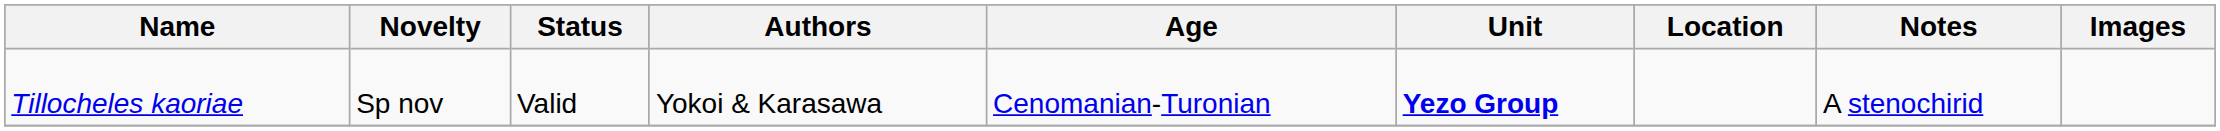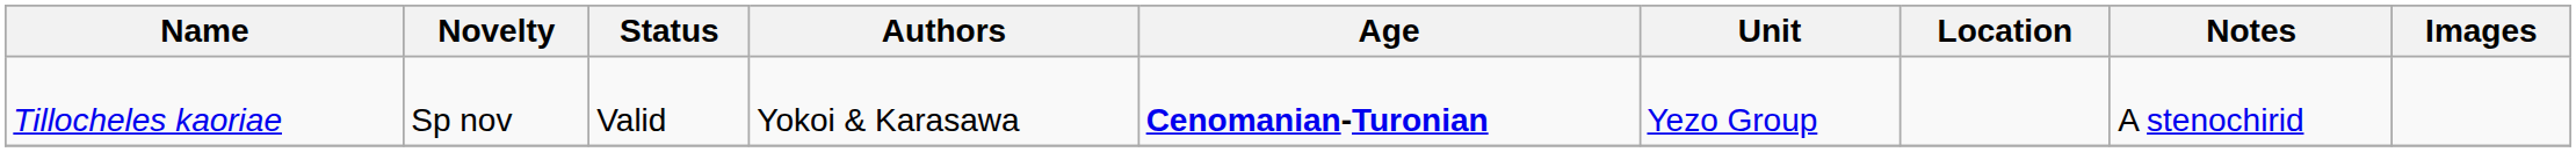 <table class="wikitable sortable" align="center" width="100%">
 <tr>
 <th>Name</th>
 <th>Novelty</th>
 <th>Status</th>
 <th>Authors</th>
 <th>Age</th>
 <th>Unit</th>
 <th>Location</th>
 <th>Notes</th>
 <th>Images</th>
 </tr>
 <tr>
 <td><br><em><a href='#'>Tillocheles kaoriae</a></em></td>
 <td><br>Sp nov</td>
 <td><br>Valid</td>
 <td><br>Yokoi & Karasawa</td>
-<td><br><a href='#'>Cenomanian</a>-<a href='#'>Turonian</a></td>
-<td><strong><br><a href='#'>Yezo Group</a></strong></td>
+<td><strong><br><a href='#'>Cenomanian</a>-<a href='#'>Turonian</a></strong></td>
+<td><br><a href='#'>Yezo Group</a></td>
 <td><br></td>
 <td><br>A <a href='#'>stenochirid</a></td>
 <td></td>
 </tr>
 <tr>
 </tr>
 </table>
